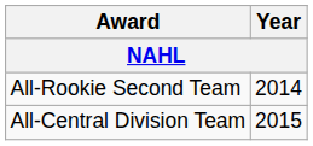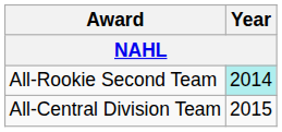 <table class="wikitable">
 <tr>
 <th>Award</th>
 <th>Year</th>
 </tr>
 <tr ALIGN="center" bgcolor="#e0e0e0">
 <th colspan="2"><a href='#'>NAHL</a></th>
 </tr>
 <tr>
 <td>All-Rookie Second Team</td>
-<td>2014</td>
+<td style="background: paleturquoise;">2014</td>
 </tr>
 <tr>
 <td>All-Central Division Team</td>
 <td>2015</td>
 </tr>
 </table>
